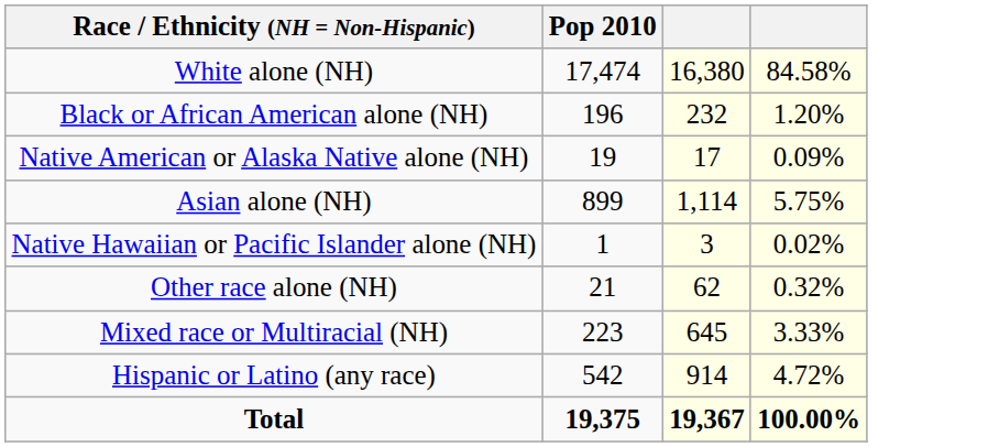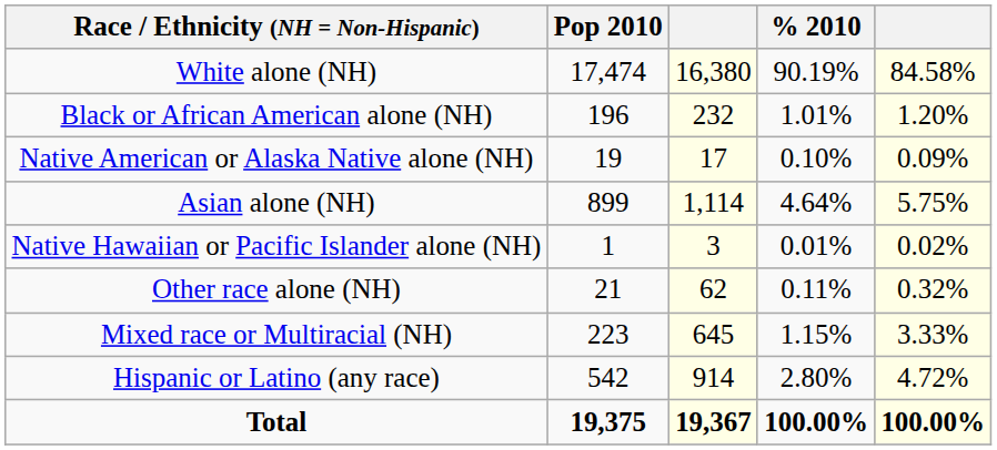 <table class="wikitable" style="text-align:center;">
 <tr>
 <th>Race / Ethnicity <small>(<em>NH = Non-Hispanic</em>)</small></th>
 <th>Pop 2010</th>
 <th></th>
+<th>% 2010</th>
 <th></th>
 </tr>
 <tr>
 <td><a href='#'>White</a> alone (NH)</td>
 <td>17,474</td>
 <td style='background: #ffffe6;'>16,380</td>
+<td>90.19%</td>
 <td style='background: #ffffe6;'>84.58%</td>
 </tr>
 <tr>
 <td><a href='#'>Black or African American</a> alone (NH)</td>
 <td>196</td>
 <td style='background: #ffffe6;'>232</td>
+<td>1.01%</td>
 <td style='background: #ffffe6;'>1.20%</td>
 </tr>
 <tr>
 <td><a href='#'>Native American</a> or <a href='#'>Alaska Native</a> alone (NH)</td>
 <td>19</td>
 <td style='background: #ffffe6;'>17</td>
+<td>0.10%</td>
 <td style='background: #ffffe6;'>0.09%</td>
 </tr>
 <tr>
 <td><a href='#'>Asian</a> alone (NH)</td>
 <td>899</td>
 <td style='background: #ffffe6;'>1,114</td>
+<td>4.64%</td>
 <td style='background: #ffffe6;'>5.75%</td>
 </tr>
 <tr>
 <td><a href='#'>Native Hawaiian</a> or <a href='#'>Pacific Islander</a> alone (NH)</td>
 <td>1</td>
 <td style='background: #ffffe6;'>3</td>
+<td>0.01%</td>
 <td style='background: #ffffe6;'>0.02%</td>
 </tr>
 <tr>
 <td><a href='#'>Other race</a> alone (NH)</td>
 <td>21</td>
 <td style='background: #ffffe6;'>62</td>
+<td>0.11%</td>
 <td style='background: #ffffe6;'>0.32%</td>
 </tr>
 <tr>
 <td><a href='#'>Mixed race or Multiracial</a> (NH)</td>
 <td>223</td>
 <td style='background: #ffffe6;'>645</td>
+<td>1.15%</td>
 <td style='background: #ffffe6;'>3.33%</td>
 </tr>
 <tr>
 <td><a href='#'>Hispanic or Latino</a> (any race)</td>
 <td>542</td>
 <td style='background: #ffffe6;'>914</td>
+<td>2.80%</td>
 <td style='background: #ffffe6;'>4.72%</td>
 </tr>
 <tr>
 <td><strong>Total</strong></td>
 <td><strong>19,375</strong></td>
 <td style='background: #ffffe6;'><strong>19,367</strong></td>
+<td><strong>100.00%</strong></td>
 <td style='background: #ffffe6;'><strong>100.00%</strong></td>
 </tr>
 </table>
